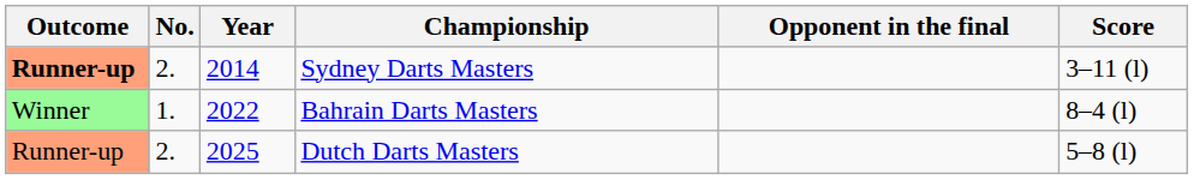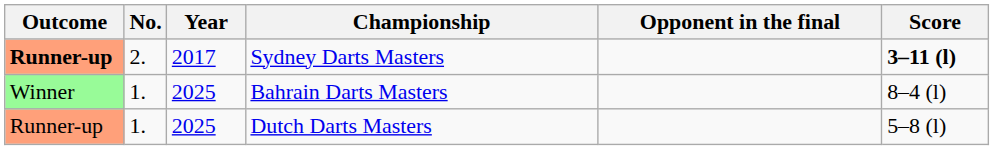 <table class="sortable wikitable">
 <tr>
 <th width="80">Outcome</th>
 <th width="20">No.</th>
 <th width="50">Year</th>
 <th style="width:250px;">Championship</th>
 <th style="width:200px;">Opponent in the final</th>
 <th width="70">Score</th>
 </tr>
 <tr>
 <td style="background:#ffa07a"><strong>Runner-up</strong></td>
 <td>2.</td>
-<td><a href='#'>2014</a></td>
+<td><a href='#'>2017</a></td>
 <td><a href='#'>Sydney Darts Masters</a></td>
 <td></td>
-<td>3–11 (l)</td>
+<td><strong>3–11 (l)</strong></td>
 </tr>
 <tr>
 <td style="background:#98FB98">Winner</td>
 <td>1.</td>
-<td><a href='#'>2022</a></td>
+<td><a href='#'>2025</a></td>
 <td><a href='#'>Bahrain Darts Masters</a></td>
 <td></td>
 <td>8–4 (l)</td>
 </tr>
 <tr>
 <td style="background:#ffa07a">Runner-up</td>
-<td>2.</td>
+<td>1.</td>
 <td><a href='#'>2025</a></td>
 <td><a href='#'>Dutch Darts Masters</a></td>
 <td></td>
 <td>5–8 (l)</td>
 </tr>
 </table>
